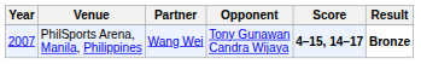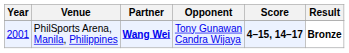 <table class="sortable wikitable" style="font-size: 90%;">
 <tr>
 <th>Year</th>
 <th>Venue</th>
 <th>Partner</th>
 <th>Opponent</th>
 <th>Score</th>
 <th>Result</th>
 </tr>
 <tr>
 </tr>
 <tr style="background:#ECF2FF">
-<td align="center"><a href='#'>2007</a></td>
+<td align="center"><a href='#'>2001</a></td>
 <td align="left">PhilSports Arena,<br><a href='#'>Manila</a>, <a href='#'>Philippines</a></td>
-<td align="left"> <a href='#'>Wang Wei</a></td>
+<td align="left"><strong> <a href='#'>Wang Wei</a></strong></td>
 <td align="left"> <a href='#'>Tony Gunawan</a> <br>  <a href='#'>Candra Wijaya</a></td>
 <td align="left"><strong>4–15, 14–17</strong></td>
 <td style="text-align:left; background:white"> <strong>Bronze</strong></td>
 </tr>
 </table>
